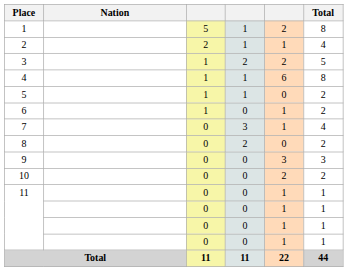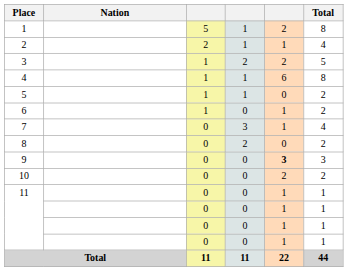 <table class=wikitable style="border:1px solid #AAAAAA;font-size:90%">
 <tr bgcolor="#EFEFEF">
 <th width=50>Place</th>
 <th width=200>Nation</th>
 <th width=50></th>
 <th width=50></th>
 <th width=50></th>
 <th width=50>Total</th>
 </tr>
 <tr align="center" valign="top" bgcolor="#FFFFFF">
 <td>1</td>
 <td align="left"></td>
 <td style="background:#F7F6A8;">5</td>
 <td style="background:#DCE5E5;">1</td>
 <td style="background:#FFDAB9;">2</td>
 <td>8</td>
 </tr>
 <tr align="center" valign="top" bgcolor="#FFFFFF">
 <td>2</td>
 <td align="left"></td>
 <td style="background:#F7F6A8;">2</td>
 <td style="background:#DCE5E5;">1</td>
 <td style="background:#FFDAB9;">1</td>
 <td>4</td>
 </tr>
 <tr align="center" valign="top" bgcolor="#FFFFFF">
 <td>3</td>
 <td align="left"></td>
 <td style="background:#F7F6A8;">1</td>
 <td style="background:#DCE5E5;">2</td>
 <td style="background:#FFDAB9;">2</td>
 <td>5</td>
 </tr>
 <tr align="center" valign="top" bgcolor="#FFFFFF">
 <td>4</td>
 <td align="left"></td>
 <td style="background:#F7F6A8;">1</td>
 <td style="background:#DCE5E5;">1</td>
 <td style="background:#FFDAB9;">6</td>
 <td>8</td>
 </tr>
 <tr align="center" valign="top" bgcolor="#FFFFFF">
 <td>5</td>
 <td align="left"></td>
 <td style="background:#F7F6A8;">1</td>
 <td style="background:#DCE5E5;">1</td>
 <td style="background:#FFDAB9;">0</td>
 <td>2</td>
 </tr>
 <tr align="center" valign="top" bgcolor="#FFFFFF">
 <td>6</td>
 <td align="left"></td>
 <td style="background:#F7F6A8;">1</td>
 <td style="background:#DCE5E5;">0</td>
 <td style="background:#FFDAB9;">1</td>
 <td>2</td>
 </tr>
 <tr align="center" valign="top" bgcolor="#FFFFFF">
 <td>7</td>
 <td align="left"></td>
 <td style="background:#F7F6A8;">0</td>
 <td style="background:#DCE5E5;">3</td>
 <td style="background:#FFDAB9;">1</td>
 <td>4</td>
 </tr>
 <tr align="center" valign="top" bgcolor="#FFFFFF">
 <td>8</td>
 <td align="left"></td>
 <td style="background:#F7F6A8;">0</td>
 <td style="background:#DCE5E5;">2</td>
 <td style="background:#FFDAB9;">0</td>
 <td>2</td>
 </tr>
 <tr align="center" valign="top" bgcolor="#FFFFFF">
 <td>9</td>
 <td align="left"></td>
 <td style="background:#F7F6A8;">0</td>
 <td style="background:#DCE5E5;">0</td>
-<td style="background:#FFDAB9;">3</td>
+<td style="background:#FFDAB9;"><strong>3</strong></td>
 <td>3</td>
 </tr>
 <tr align="center" valign="top" bgcolor="#FFFFFF">
 <td>10</td>
 <td align="left"></td>
 <td style="background:#F7F6A8;">0</td>
 <td style="background:#DCE5E5;">0</td>
 <td style="background:#FFDAB9;">2</td>
 <td>2</td>
 </tr>
 <tr align="center" valign="top" bgcolor="#FFFFFF">
 <td rowspan=4 valign="center">11</td>
 <td align="left"></td>
 <td style="background:#F7F6A8;">0</td>
 <td style="background:#DCE5E5;">0</td>
 <td style="background:#FFDAB9;">1</td>
 <td>1</td>
 </tr>
 <tr align="center" valign="top" bgcolor="#FFFFFF">
 <td align="left"></td>
 <td style="background:#F7F6A8;">0</td>
 <td style="background:#DCE5E5;">0</td>
 <td style="background:#FFDAB9;">1</td>
 <td>1</td>
 </tr>
 <tr align="center" valign="top" bgcolor="#FFFFFF">
 <td align="left"></td>
 <td style="background:#F7F6A8;">0</td>
 <td style="background:#DCE5E5;">0</td>
 <td style="background:#FFDAB9;">1</td>
 <td>1</td>
 </tr>
 <tr align="center" valign="top" bgcolor="#FFFFFF">
 <td align="left"></td>
 <td style="background:#F7F6A8;">0</td>
 <td style="background:#DCE5E5;">0</td>
 <td style="background:#FFDAB9;">1</td>
 <td>1</td>
 </tr>
 <tr align="center">
 <td colspan=2 bgcolor=D3D3D3><strong>Total</strong></td>
 <td style="background:#F7F6A8;"><strong>11</strong></td>
 <td style="background:#DCE5E5;"><strong>11</strong></td>
 <td style="background:#FFDAB9;"><strong>22</strong></td>
 <td bgcolor=D3D3D3><strong>44</strong></td>
 </tr>
 </table>
